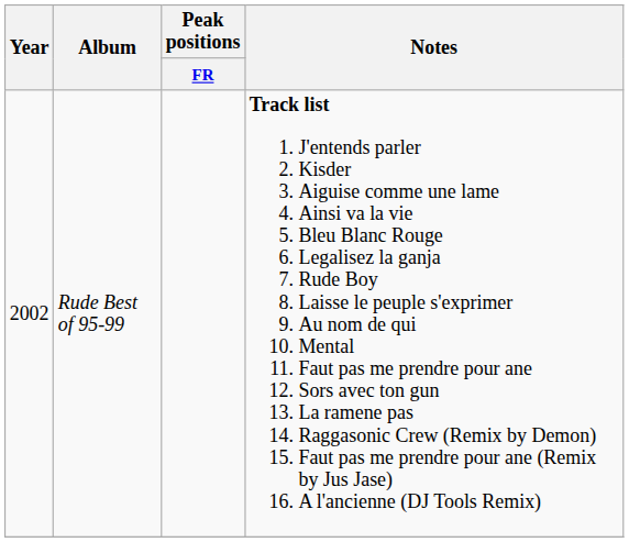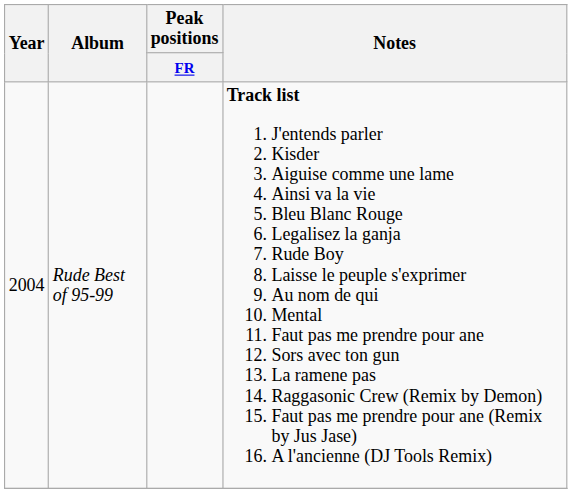 <table class="wikitable">
 <tr>
 <th align="center" rowspan="2" width="10">Year</th>
 <th align="center" rowspan="2" width="80">Album</th>
 <th align="center" colspan="1">Peak <br>positions</th>
 <th align="center" rowspan="2" width="300">Notes</th>
 </tr>
 <tr>
 <th width="20"><small><a href='#'>FR</a></small><br></th>
 </tr>
 <tr>
-<td align="center" rowspan="1">2002</td>
+<td align="center" rowspan="1">2004</td>
 <td><em>Rude Best of 95-99</em></td>
 <td align="center"></td>
 <td><strong>Track list</strong><br><ol><li>J'entends parler</li><li>Kisder</li><li>Aiguise comme une lame</li><li>Ainsi va la vie</li><li>Bleu Blanc Rouge</li><li>Legalisez la ganja</li><li>Rude Boy</li><li>Laisse le peuple s'exprimer</li><li>Au nom de qui</li><li>Mental</li><li>Faut pas me prendre pour ane</li><li>Sors avec ton gun</li><li>La ramene pas</li><li>Raggasonic Crew (Remix by Demon)</li><li>Faut pas me prendre pour ane (Remix by Jus Jase)</li><li>A l'ancienne (DJ Tools Remix)</li></ol></td>
 </tr>
 <tr>
 </tr>
 </table>
